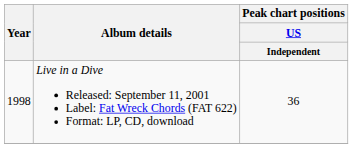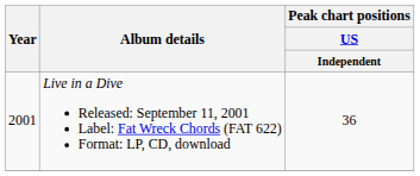 <table class ="wikitable">
 <tr>
 <th rowspan="3">Year</th>
 <th rowspan="3">Album details</th>
 <th>Peak chart positions</th>
 </tr>
 <tr>
 <th align="center"><a href='#'>US</a></th>
 </tr>
 <tr>
 <th><small>Independent</small><br></th>
 </tr>
 <tr>
-<td>1998</td>
+<td>2001</td>
 <td><em>Live in a Dive</em><br><ul><li>Released: September 11, 2001</li><li>Label: <a href='#'>Fat Wreck Chords</a> (FAT 622)</li><li>Format: LP, CD, download</li></ul></td>
 <td align="center"> 36</td>
 </tr>
 <tr>
 </tr>
 </table>
